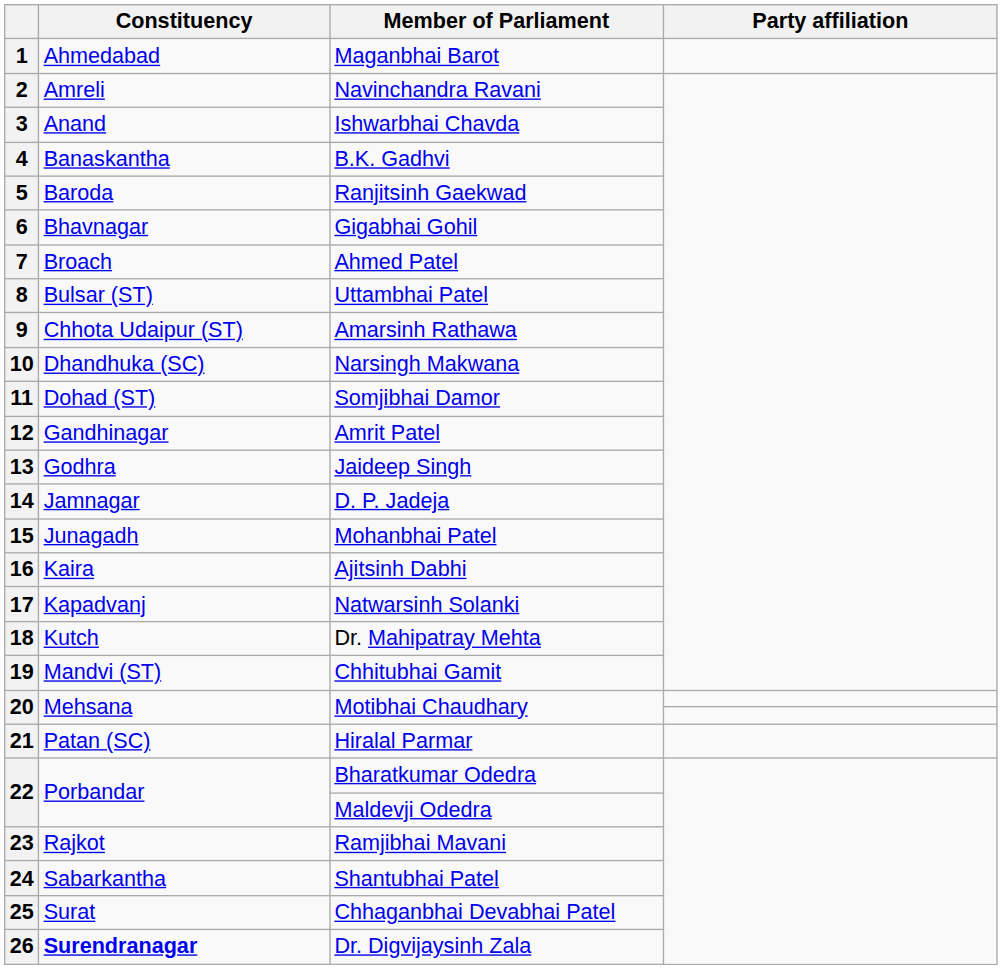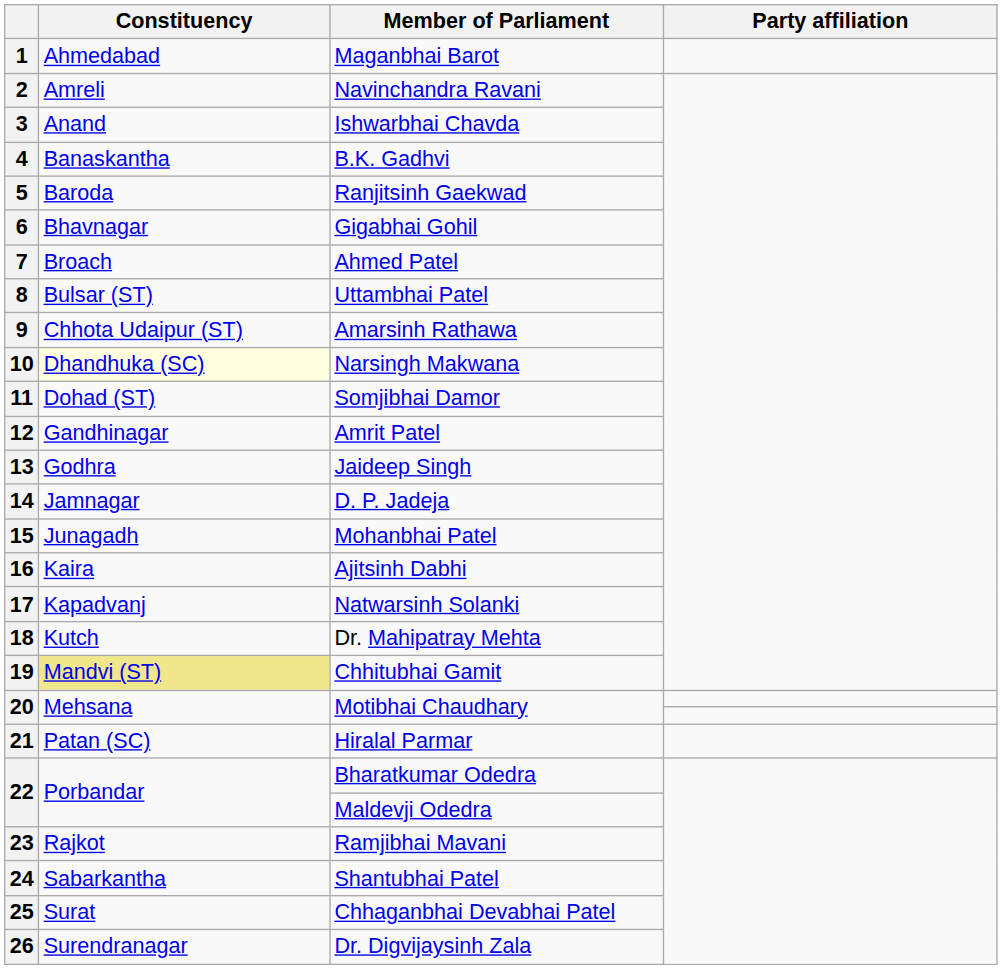 <table class="wikitable sortable">
 <tr style="text-align:center;">
 <th></th>
 <th style="width:13em">Constituency</th>
 <th style="width:15em">Member of Parliament</th>
 <th colspan="2" style="width:15em">Party affiliation</th>
 </tr>
 <tr>
 <th>1</th>
 <td><a href='#'>Ahmedabad</a></td>
 <td><a href='#'>Maganbhai Barot</a></td>
 <td></td>
 </tr>
 <tr>
 <th>2</th>
 <td><a href='#'>Amreli</a></td>
 <td><a href='#'>Navinchandra Ravani</a></td>
 </tr>
 <tr>
 <th>3</th>
 <td><a href='#'>Anand</a></td>
 <td><a href='#'>Ishwarbhai Chavda</a></td>
 </tr>
 <tr>
 <th>4</th>
 <td><a href='#'>Banaskantha</a></td>
 <td><a href='#'>B.K. Gadhvi</a></td>
 </tr>
 <tr>
 <th>5</th>
 <td><a href='#'>Baroda</a></td>
 <td><a href='#'>Ranjitsinh Gaekwad</a></td>
 </tr>
 <tr>
 <th>6</th>
 <td><a href='#'>Bhavnagar</a></td>
 <td><a href='#'>Gigabhai Gohil</a></td>
 </tr>
 <tr>
 <th>7</th>
 <td><a href='#'>Broach</a></td>
 <td><a href='#'>Ahmed Patel</a></td>
 </tr>
 <tr>
 <th>8</th>
 <td><a href='#'>Bulsar (ST)</a></td>
 <td><a href='#'>Uttambhai Patel</a></td>
 </tr>
 <tr>
 <th>9</th>
 <td><a href='#'>Chhota Udaipur (ST)</a></td>
 <td><a href='#'>Amarsinh Rathawa</a></td>
 </tr>
 <tr>
 <th>10</th>
-<td><a href='#'>Dhandhuka (SC)</a></td>
+<td style="background: lightyellow;"><a href='#'>Dhandhuka (SC)</a></td>
 <td><a href='#'>Narsingh Makwana</a></td>
 </tr>
 <tr>
 <th>11</th>
 <td><a href='#'>Dohad (ST)</a></td>
 <td><a href='#'>Somjibhai Damor</a></td>
 </tr>
 <tr>
 <th>12</th>
 <td><a href='#'>Gandhinagar</a></td>
 <td><a href='#'>Amrit Patel</a></td>
 </tr>
 <tr>
 <th>13</th>
 <td><a href='#'>Godhra</a></td>
 <td><a href='#'>Jaideep Singh</a></td>
 </tr>
 <tr>
 <th>14</th>
 <td><a href='#'>Jamnagar</a></td>
 <td><a href='#'>D. P. Jadeja</a></td>
 </tr>
 <tr>
 <th>15</th>
 <td><a href='#'>Junagadh</a></td>
 <td><a href='#'>Mohanbhai Patel</a></td>
 </tr>
 <tr>
 <th>16</th>
 <td><a href='#'>Kaira</a></td>
 <td><a href='#'>Ajitsinh Dabhi</a></td>
 </tr>
 <tr>
 <th>17</th>
 <td><a href='#'>Kapadvanj</a></td>
 <td><a href='#'>Natwarsinh Solanki</a></td>
 </tr>
 <tr>
 <th>18</th>
 <td><a href='#'>Kutch</a></td>
 <td>Dr. <a href='#'>Mahipatray Mehta</a></td>
 </tr>
 <tr>
 <th>19</th>
-<td><a href='#'>Mandvi (ST)</a></td>
+<td style="background: khaki;"><a href='#'>Mandvi (ST)</a></td>
 <td><a href='#'>Chhitubhai Gamit</a></td>
 </tr>
 <tr>
 <th rowspan=2>20</th>
 <td rowspan=2><a href='#'>Mehsana</a></td>
 <td rowspan=2><a href='#'>Motibhai Chaudhary</a></td>
 <td></td>
 </tr>
 <tr>
 <td></td>
 </tr>
 <tr>
 <th>21</th>
 <td><a href='#'>Patan (SC)</a></td>
 <td><a href='#'>Hiralal Parmar</a></td>
 <td></td>
 </tr>
 <tr>
 <th rowspan=2>22</th>
 <td rowspan=2><a href='#'>Porbandar</a></td>
 <td><a href='#'>Bharatkumar Odedra</a></td>
 </tr>
 <tr>
 <td><a href='#'>Maldevji Odedra</a></td>
 </tr>
 <tr>
 <th>23</th>
 <td><a href='#'>Rajkot</a></td>
 <td><a href='#'>Ramjibhai Mavani</a></td>
 </tr>
 <tr>
 <th>24</th>
 <td><a href='#'>Sabarkantha</a></td>
 <td><a href='#'>Shantubhai Patel</a></td>
 </tr>
 <tr>
 <th>25</th>
 <td><a href='#'>Surat</a></td>
 <td><a href='#'>Chhaganbhai Devabhai Patel</a></td>
 </tr>
 <tr>
 <th>26</th>
-<td><strong><a href='#'>Surendranagar</a></strong></td>
+<td><a href='#'>Surendranagar</a></td>
 <td><a href='#'>Dr. Digvijaysinh Zala</a></td>
 </tr>
 <tr>
 </tr>
 </table>
